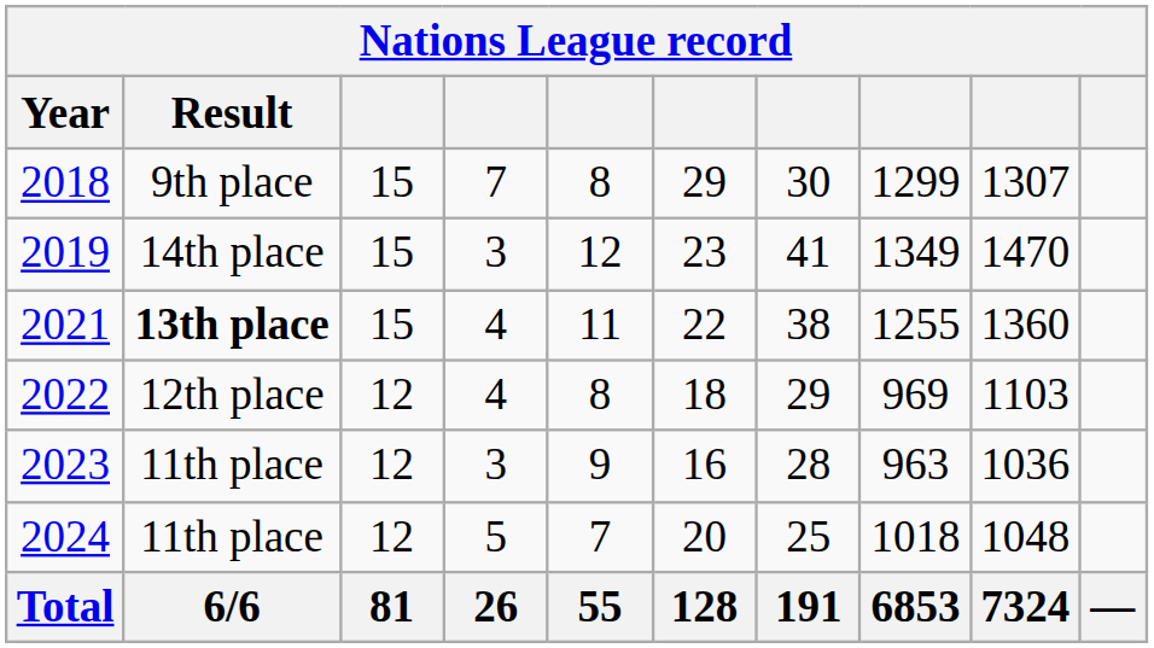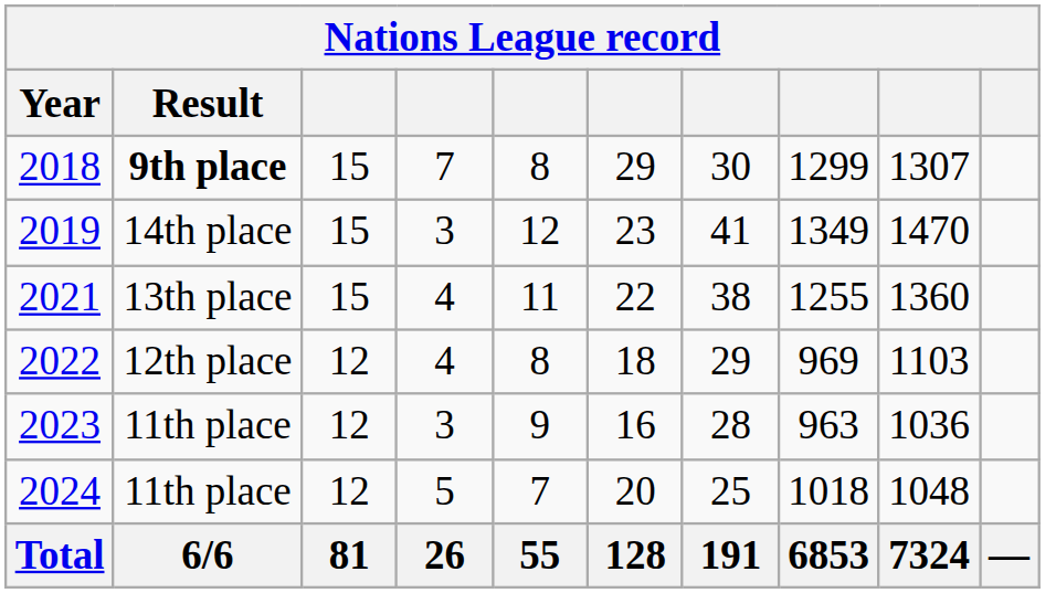 <table class="wikitable" style="text-align: center;">
 <tr>
 <th colspan=10><a href='#'>Nations League record</a></th>
 </tr>
 <tr>
 <th>Year</th>
 <th>Result</th>
 <th width=30></th>
 <th width=30></th>
 <th width=30></th>
 <th width=30></th>
 <th width=30></th>
 <th width=30></th>
 <th width=30></th>
 <th></th>
 </tr>
 <tr bgcolor=>
 <td> <a href='#'>2018</a></td>
-<td>9th place</td>
+<td><strong>9th place</strong></td>
 <td>15</td>
 <td>7</td>
 <td>8</td>
 <td>29</td>
 <td>30</td>
 <td>1299</td>
 <td>1307</td>
 <td></td>
 </tr>
 <tr>
 <td> <a href='#'>2019</a></td>
 <td>14th place</td>
 <td>15</td>
 <td>3</td>
 <td>12</td>
 <td>23</td>
 <td>41</td>
 <td>1349</td>
 <td>1470</td>
 <td></td>
 </tr>
 <tr>
 <td> <a href='#'>2021</a></td>
-<td><strong>13th place</strong></td>
+<td>13th place</td>
 <td>15</td>
 <td>4</td>
 <td>11</td>
 <td>22</td>
 <td>38</td>
 <td>1255</td>
 <td>1360</td>
 <td></td>
 </tr>
 <tr>
 <td> <a href='#'>2022</a></td>
 <td>12th place</td>
 <td>12</td>
 <td>4</td>
 <td>8</td>
 <td>18</td>
 <td>29</td>
 <td>969</td>
 <td>1103</td>
 <td></td>
 </tr>
 <tr>
 <td> <a href='#'>2023</a></td>
 <td>11th place</td>
 <td>12</td>
 <td>3</td>
 <td>9</td>
 <td>16</td>
 <td>28</td>
 <td>963</td>
 <td>1036</td>
 <td></td>
 </tr>
 <tr>
 <td> <a href='#'>2024</a></td>
 <td>11th place</td>
 <td>12</td>
 <td>5</td>
 <td>7</td>
 <td>20</td>
 <td>25</td>
 <td>1018</td>
 <td>1048</td>
 <td></td>
 </tr>
 <tr>
 <th><a href='#'> Total</a></th>
 <th>6/6</th>
 <th>81</th>
 <th>26</th>
 <th>55</th>
 <th>128</th>
 <th>191</th>
 <th>6853</th>
 <th>7324</th>
 <th>—</th>
 </tr>
 </table>
